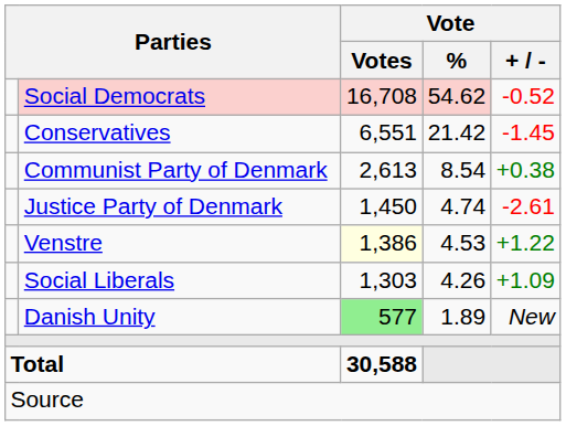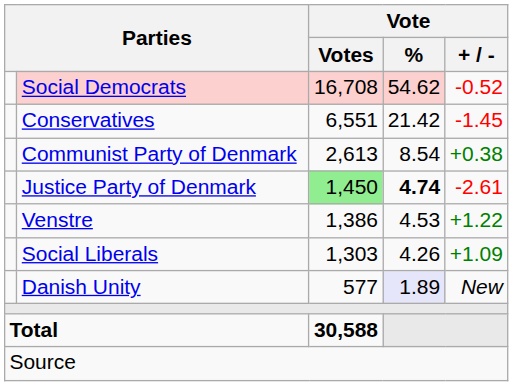 <table class="wikitable" style="text-align:right;">
 <tr>
 <th style="text-align:centre;" rowspan="2" colspan="2" width="225">Parties</th>
 <th colspan="3">Vote</th>
 </tr>
 <tr>
 <th width="15">Votes</th>
 <th width="15">%</th>
 <th width="15">+ / -</th>
 </tr>
 <tr>
 <td width="2" style="color:inherit;background:"></td>
 <td bgcolor=#fbd0ce  align="left"><a href='#'>Social Democrats</a></td>
 <td bgcolor=#fbd0ce>16,708</td>
 <td bgcolor=#fbd0ce>54.62</td>
 <td style=color:red;>-0.52</td>
 </tr>
 <tr>
 <td width="2" style="color:inherit;background:"></td>
 <td align="left"><a href='#'>Conservatives</a></td>
 <td>6,551</td>
 <td>21.42</td>
 <td style=color:red;>-1.45</td>
 </tr>
 <tr>
 <td width="2" style="color:inherit;background:"></td>
 <td align="left"><a href='#'>Communist Party of Denmark</a></td>
 <td>2,613</td>
 <td>8.54</td>
 <td style=color:green;>+0.38</td>
 </tr>
 <tr>
 <td width="2" style="color:inherit;background:"></td>
 <td align="left"><a href='#'>Justice Party of Denmark</a></td>
-<td>1,450</td>
-<td>4.74</td>
+<td style="background: lightgreen;">1,450</td>
+<td><strong>4.74</strong></td>
 <td style=color:red;>-2.61</td>
 </tr>
 <tr>
 <td width="2" style="color:inherit;background:"></td>
 <td align="left"><a href='#'>Venstre</a></td>
-<td style="background: lightyellow;">1,386</td>
+<td>1,386</td>
 <td>4.53</td>
 <td style=color:green;>+1.22</td>
 </tr>
 <tr>
 <td width="2" style="color:inherit;background:"></td>
 <td align="left"><a href='#'>Social Liberals</a></td>
 <td>1,303</td>
 <td>4.26</td>
 <td style=color:green;>+1.09</td>
 </tr>
 <tr>
 <td width="2" style="color:inherit;background:"></td>
 <td align="left"><a href='#'>Danish Unity</a></td>
-<td style="background: lightgreen;">577</td>
-<td>1.89</td>
+<td>577</td>
+<td style="background: lavender;">1.89</td>
 <td><em>New</em></td>
 </tr>
 <tr>
 <td colspan="7" bgcolor="#E9E9E9"></td>
 </tr>
 <tr>
 <td align="left" colspan="2"><strong>Total</strong></td>
 <td><strong>30,588</strong></td>
 <td bgcolor="#E9E9E9" colspan="2"></td>
 </tr>
 <tr>
 <td align="left" colspan="6">Source</td>
 </tr>
 </table>
